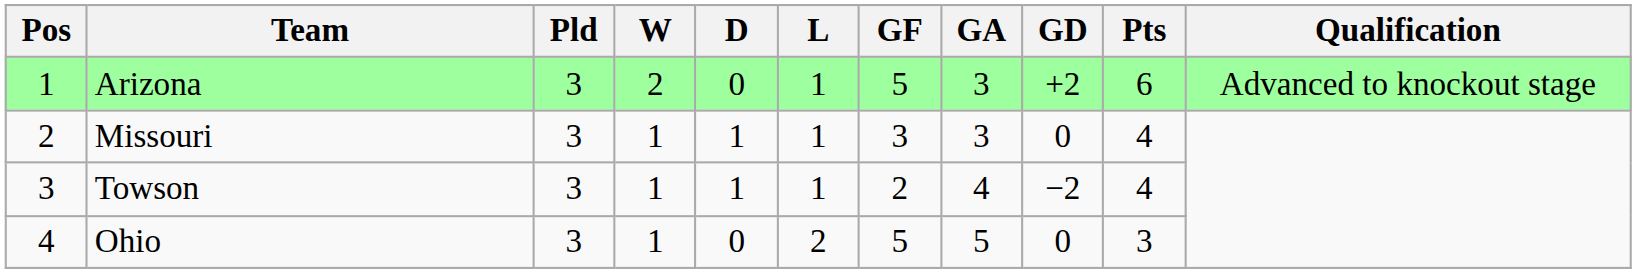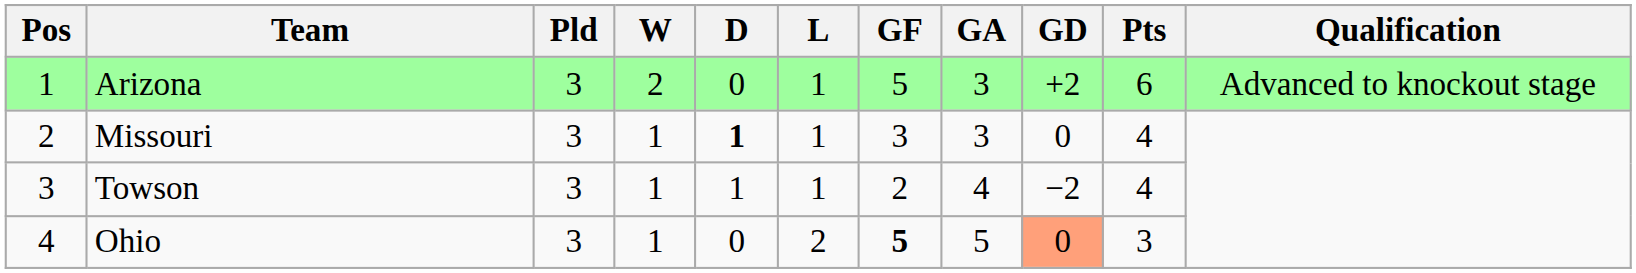 <table class="wikitable" style="text-align:center; margin: 1em auto">
 <tr>
 <th style=width:2em>Pos</th>
 <th style=width:13em>Team</th>
 <th style=width:2em>Pld</th>
 <th style=width:2em>W</th>
 <th style=width:2em>D</th>
 <th style=width:2em>L</th>
 <th style=width:2em>GF</th>
 <th style=width:2em>GA</th>
 <th style=width:2em>GD</th>
 <th style=width:2em>Pts</th>
 <th style=width:13em>Qualification</th>
 </tr>
 <tr bgcolor="#9eff9e">
 <td>1</td>
 <td style="text-align:left">Arizona</td>
 <td>3</td>
 <td>2</td>
 <td>0</td>
 <td>1</td>
 <td>5</td>
 <td>3</td>
 <td>+2</td>
 <td>6</td>
 <td>Advanced to knockout stage</td>
 </tr>
 <tr>
 <td>2</td>
 <td style="text-align:left">Missouri</td>
 <td>3</td>
 <td>1</td>
-<td>1</td>
+<td><strong>1</strong></td>
 <td>1</td>
 <td>3</td>
 <td>3</td>
 <td>0</td>
 <td>4</td>
 </tr>
 <tr>
 <td>3</td>
 <td style="text-align:left">Towson</td>
 <td>3</td>
 <td>1</td>
 <td>1</td>
 <td>1</td>
 <td>2</td>
 <td>4</td>
 <td>−2</td>
 <td>4</td>
 </tr>
 <tr>
 <td>4</td>
 <td style="text-align:left">Ohio</td>
 <td>3</td>
 <td>1</td>
 <td>0</td>
 <td>2</td>
+<td><strong>5</strong></td>
 <td>5</td>
-<td>5</td>
-<td>0</td>
+<td style="background: lightsalmon;">0</td>
 <td>3</td>
 </tr>
 </table>
